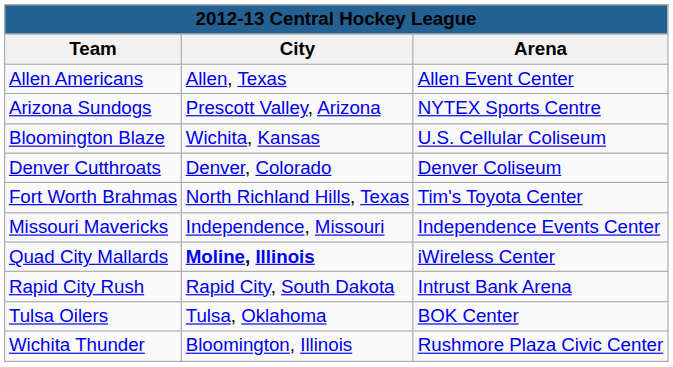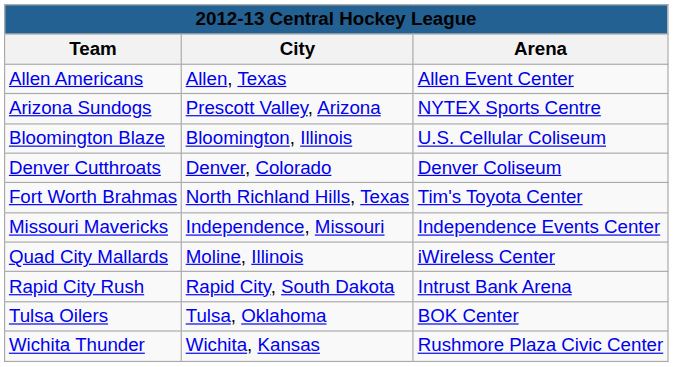 <table class="wikitable" style="width:auto">
 <tr>
 <td bgcolor="#236192" align="center" colspan="5"><strong><span>2012-13 Central Hockey League</span></strong></td>
 </tr>
 <tr>
 <th>Team</th>
 <th>City</th>
 <th>Arena</th>
 </tr>
 <tr>
 <td><a href='#'>Allen Americans</a></td>
 <td><a href='#'>Allen</a>, <a href='#'>Texas</a></td>
 <td><a href='#'>Allen Event Center</a></td>
 </tr>
 <tr>
 <td><a href='#'>Arizona Sundogs</a></td>
 <td><a href='#'>Prescott Valley</a>, <a href='#'>Arizona</a></td>
 <td><a href='#'>NYTEX Sports Centre</a></td>
 </tr>
 <tr>
 <td><a href='#'>Bloomington Blaze</a></td>
-<td><a href='#'>Wichita</a>, <a href='#'>Kansas</a></td>
+<td><a href='#'>Bloomington</a>, <a href='#'>Illinois</a></td>
 <td><a href='#'>U.S. Cellular Coliseum</a></td>
 </tr>
 <tr>
 <td><a href='#'>Denver Cutthroats</a></td>
 <td><a href='#'>Denver</a>, <a href='#'>Colorado</a></td>
 <td><a href='#'>Denver Coliseum</a></td>
 </tr>
 <tr>
 <td><a href='#'>Fort Worth Brahmas</a></td>
 <td><a href='#'>North Richland Hills</a>, <a href='#'>Texas</a></td>
 <td><a href='#'>Tim's Toyota Center</a></td>
 </tr>
 <tr>
 <td><a href='#'>Missouri Mavericks</a></td>
 <td><a href='#'>Independence</a>, <a href='#'>Missouri</a></td>
 <td><a href='#'>Independence Events Center</a></td>
 </tr>
 <tr>
 <td><a href='#'>Quad City Mallards</a></td>
-<td><strong><a href='#'>Moline</a>, <a href='#'>Illinois</a></strong></td>
+<td><a href='#'>Moline</a>, <a href='#'>Illinois</a></td>
 <td><a href='#'>iWireless Center</a></td>
 </tr>
 <tr>
 <td><a href='#'>Rapid City Rush</a></td>
 <td><a href='#'>Rapid City</a>, <a href='#'>South Dakota</a></td>
 <td><a href='#'>Intrust Bank Arena</a></td>
 </tr>
 <tr>
 <td><a href='#'>Tulsa Oilers</a></td>
 <td><a href='#'>Tulsa</a>, <a href='#'>Oklahoma</a></td>
 <td><a href='#'>BOK Center</a></td>
 </tr>
 <tr>
 <td><a href='#'>Wichita Thunder</a></td>
-<td><a href='#'>Bloomington</a>, <a href='#'>Illinois</a></td>
+<td><a href='#'>Wichita</a>, <a href='#'>Kansas</a></td>
 <td><a href='#'>Rushmore Plaza Civic Center</a></td>
 </tr>
 </table>
